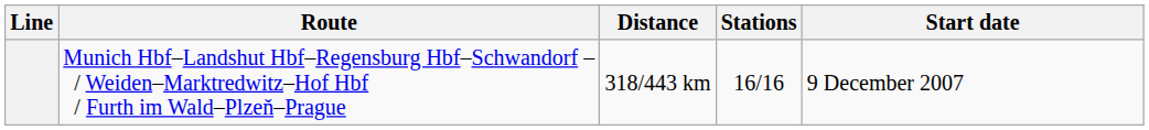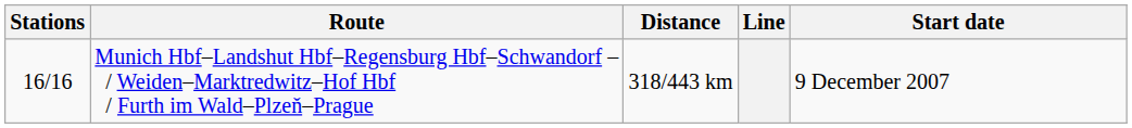 <table class="wikitable">
 <tr>
-<th>Line</th>
+<th>Stations</th>
 <th>Route</th>
 <th>Distance</th>
-<th>Stations</th>
+<th>Line</th>
 <th width="30%">Start date</th>
 </tr>
 <tr>
-<th><br></th>
+<td align="center">16/16</td>
 <td><a href='#'>Munich Hbf</a>–<a href='#'>Landshut Hbf</a>–<a href='#'>Regensburg Hbf</a>–<a href='#'>Schwandorf</a> –<br>  / <a href='#'>Weiden</a>–<a href='#'>Marktredwitz</a>–<a href='#'>Hof Hbf</a><br>  / <a href='#'>Furth im Wald</a>–<a href='#'>Plzeň</a>–<a href='#'>Prague</a></td>
 <td align="right">318/443 km</td>
-<td align="center">16/16</td>
+<th><br></th>
 <td>9 December 2007</td>
 </tr>
 </table>
